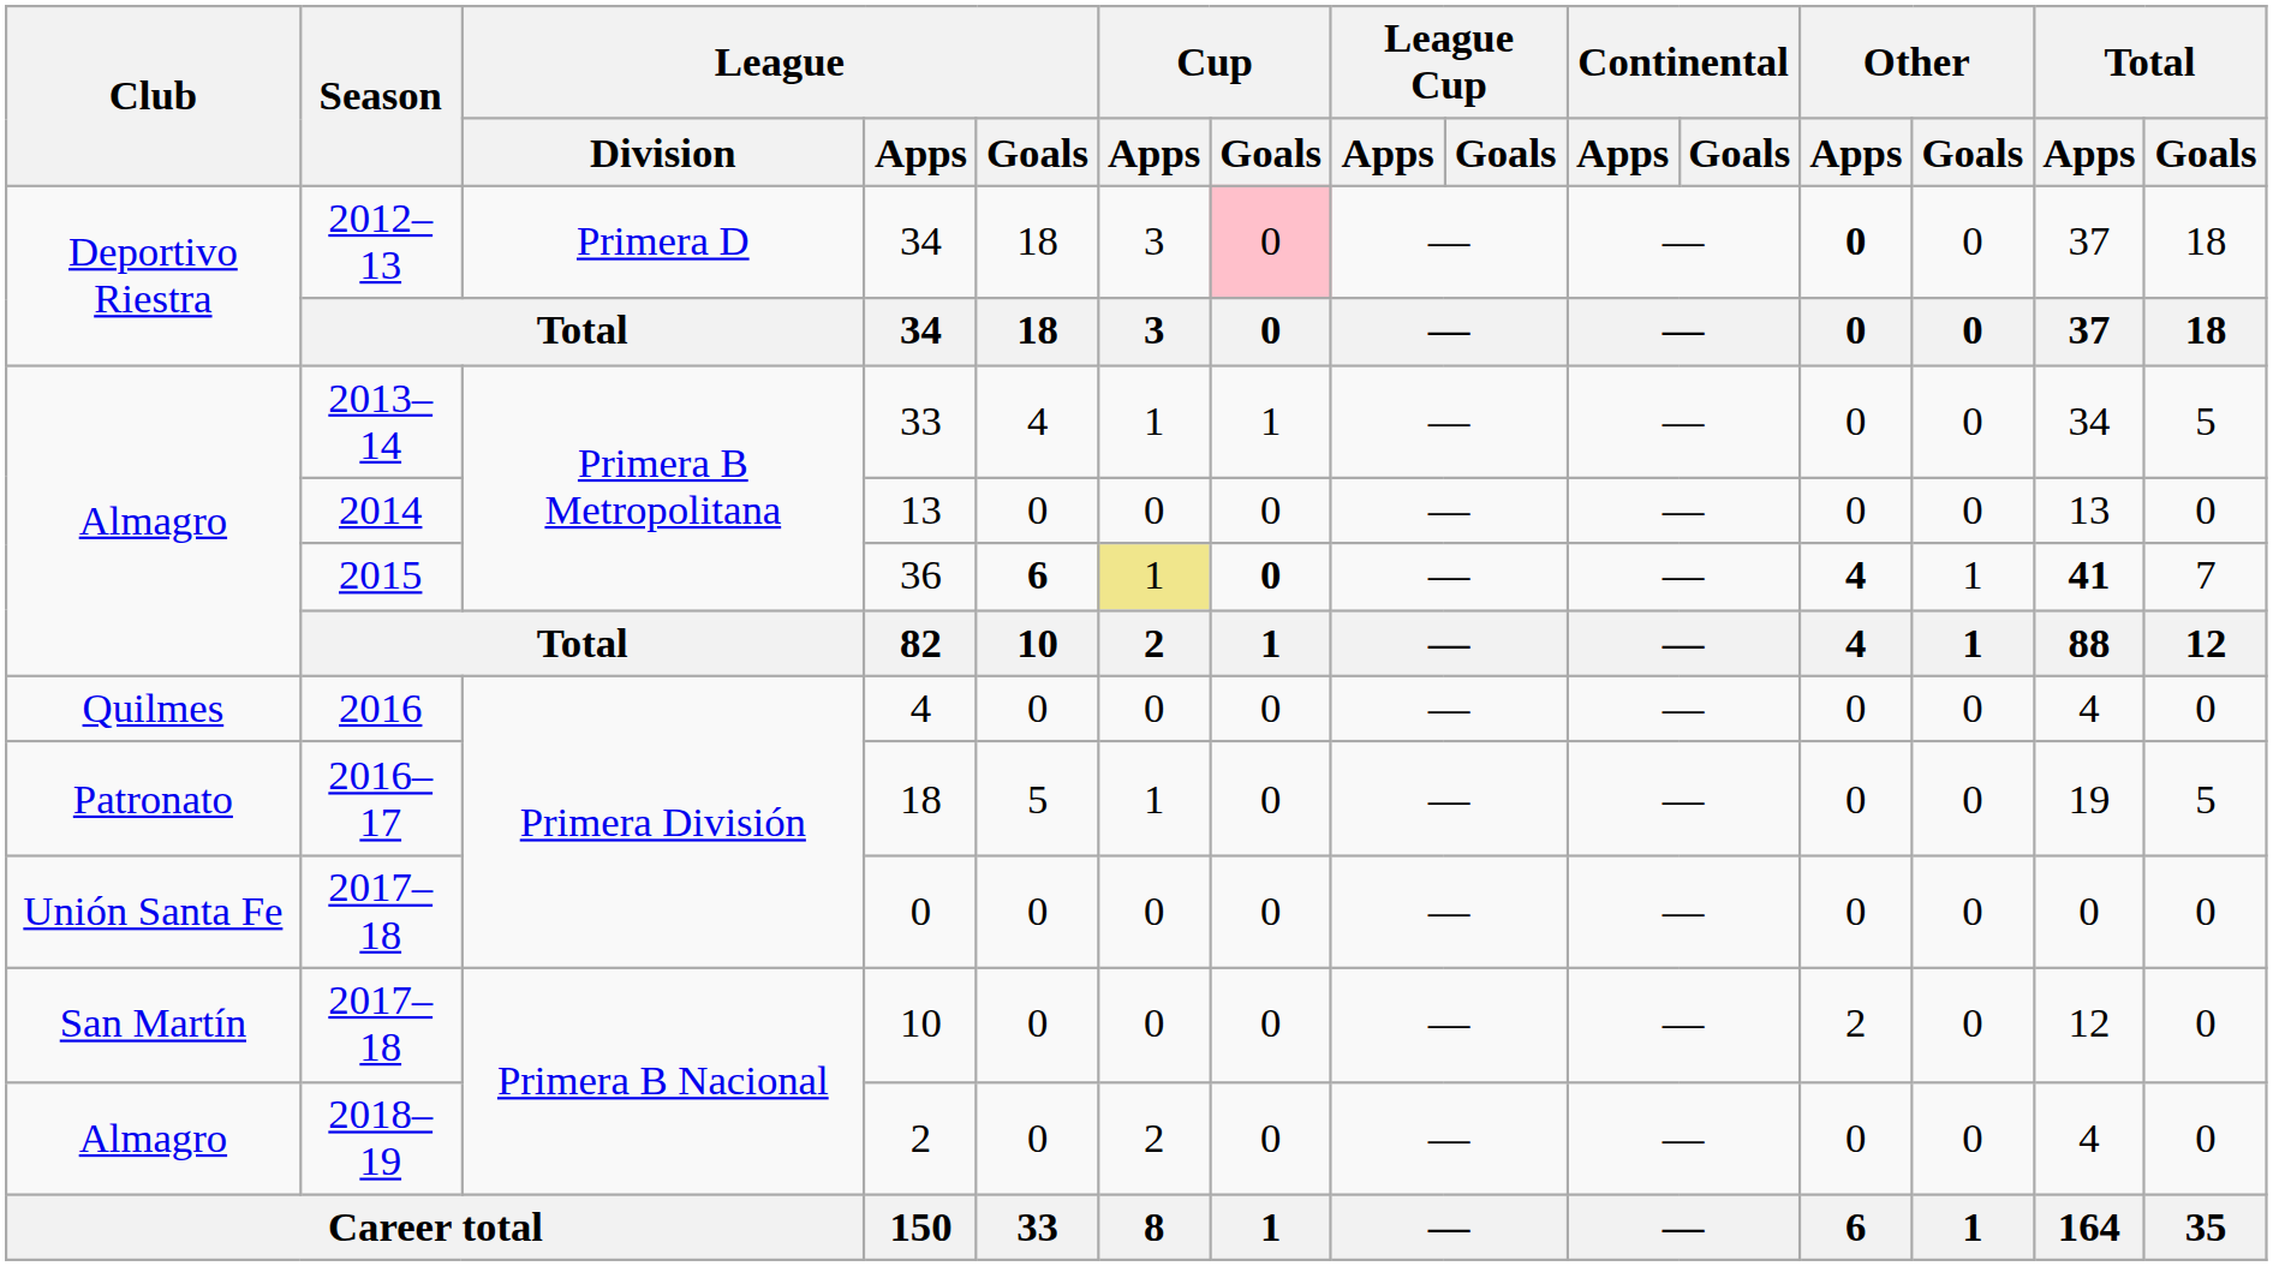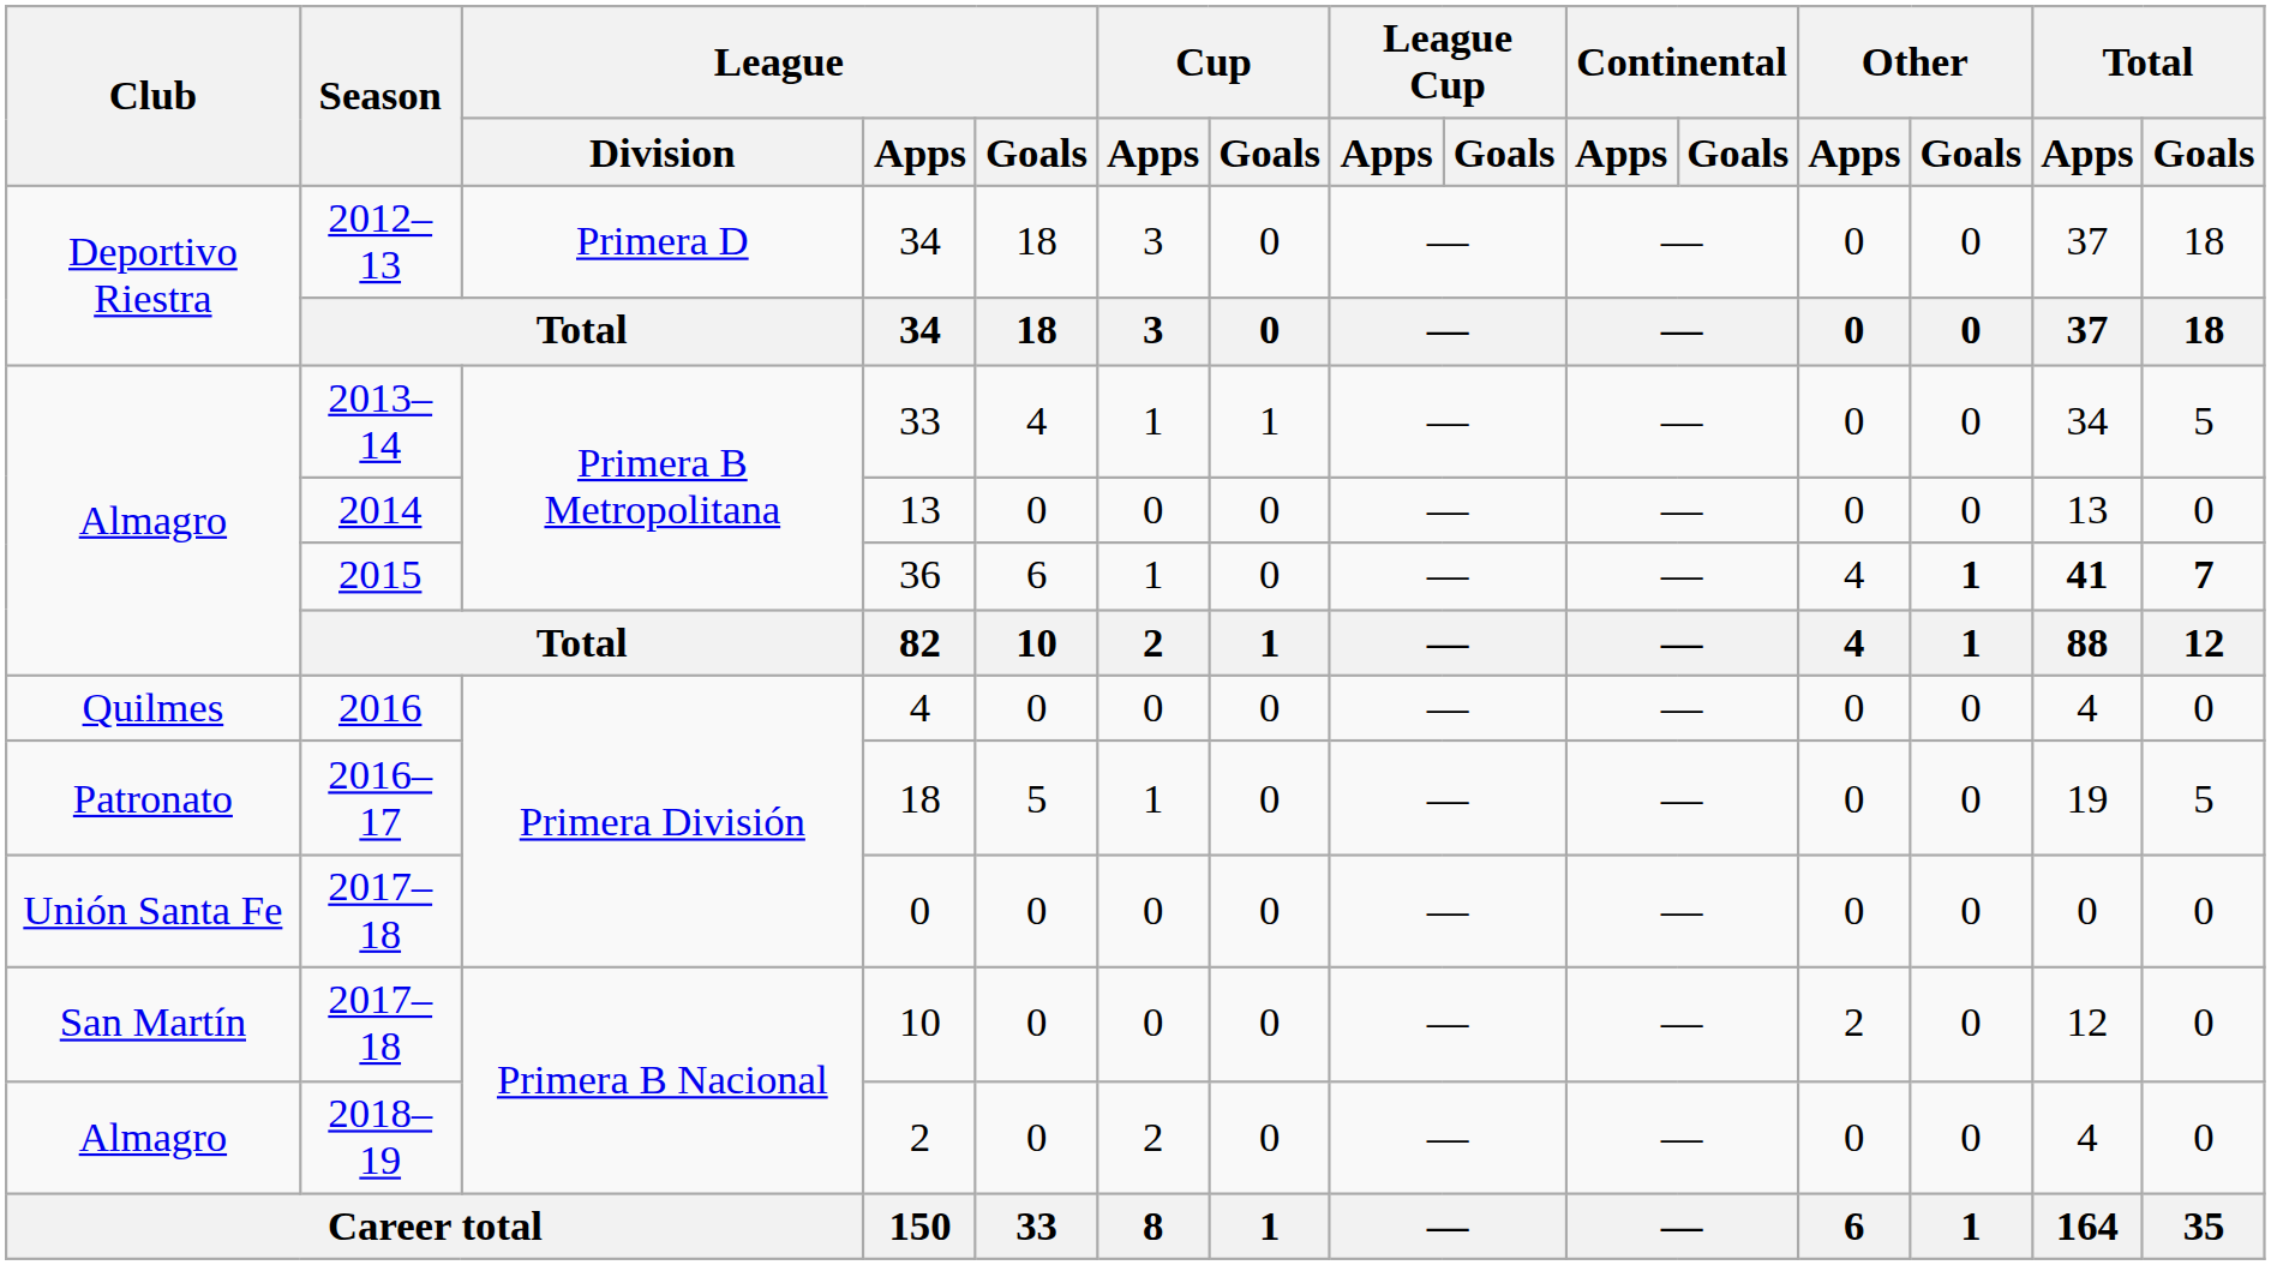 <table class="wikitable" style="text-align:center">
 <tr>
 <th rowspan="2">Club</th>
 <th rowspan="2">Season</th>
 <th colspan="3">League</th>
 <th colspan="2">Cup</th>
 <th colspan="2">League Cup</th>
 <th colspan="2">Continental</th>
 <th colspan="2">Other</th>
 <th colspan="2">Total</th>
 </tr>
 <tr>
 <th>Division</th>
 <th>Apps</th>
 <th>Goals</th>
 <th>Apps</th>
 <th>Goals</th>
 <th>Apps</th>
 <th>Goals</th>
 <th>Apps</th>
 <th>Goals</th>
 <th>Apps</th>
 <th>Goals</th>
 <th>Apps</th>
 <th>Goals</th>
 </tr>
 <tr>
 <td rowspan="2"><a href='#'>Deportivo Riestra</a></td>
 <td><a href='#'>2012–13</a></td>
 <td rowspan="1"><a href='#'>Primera D</a></td>
 <td>34</td>
 <td>18</td>
 <td>3</td>
-<td style="background: pink;">0</td>
+<td>0</td>
 <td colspan="2">—</td>
 <td colspan="2">—</td>
-<td><strong>0</strong></td>
+<td>0</td>
 <td>0</td>
 <td>37</td>
 <td>18</td>
 </tr>
 <tr>
 <th colspan="2">Total</th>
 <th>34</th>
 <th>18</th>
 <th>3</th>
 <th>0</th>
 <th colspan="2">—</th>
 <th colspan="2">—</th>
 <th>0</th>
 <th>0</th>
 <th>37</th>
 <th>18</th>
 </tr>
 <tr>
 <td rowspan="4"><a href='#'>Almagro</a></td>
 <td><a href='#'>2013–14</a></td>
 <td rowspan="3"><a href='#'>Primera B Metropolitana</a></td>
 <td>33</td>
 <td>4</td>
 <td>1</td>
 <td>1</td>
 <td colspan="2">—</td>
 <td colspan="2">—</td>
 <td>0</td>
 <td>0</td>
 <td>34</td>
 <td>5</td>
 </tr>
 <tr>
 <td><a href='#'>2014</a></td>
 <td>13</td>
 <td>0</td>
 <td>0</td>
 <td>0</td>
 <td colspan="2">—</td>
 <td colspan="2">—</td>
 <td>0</td>
 <td>0</td>
 <td>13</td>
 <td>0</td>
 </tr>
 <tr>
 <td><a href='#'>2015</a></td>
 <td>36</td>
-<td><strong>6</strong></td>
-<td style="background: khaki;">1</td>
-<td><strong>0</strong></td>
+<td>6</td>
+<td>1</td>
+<td>0</td>
 <td colspan="2">—</td>
 <td colspan="2">—</td>
-<td><strong>4</strong></td>
-<td>1</td>
+<td>4</td>
+<td><strong>1</strong></td>
 <td><strong>41</strong></td>
-<td>7</td>
+<td><strong>7</strong></td>
 </tr>
 <tr>
 <th colspan="2">Total</th>
 <th>82</th>
 <th>10</th>
 <th>2</th>
 <th>1</th>
 <th colspan="2">—</th>
 <th colspan="2">—</th>
 <th>4</th>
 <th>1</th>
 <th>88</th>
 <th>12</th>
 </tr>
 <tr>
 <td rowspan="1"><a href='#'>Quilmes</a></td>
 <td><a href='#'>2016</a></td>
 <td rowspan="3"><a href='#'>Primera División</a></td>
 <td>4</td>
 <td>0</td>
 <td>0</td>
 <td>0</td>
 <td colspan="2">—</td>
 <td colspan="2">—</td>
 <td>0</td>
 <td>0</td>
 <td>4</td>
 <td>0</td>
 </tr>
 <tr>
 <td rowspan="1"><a href='#'>Patronato</a></td>
 <td><a href='#'>2016–17</a></td>
 <td>18</td>
 <td>5</td>
 <td>1</td>
 <td>0</td>
 <td colspan="2">—</td>
 <td colspan="2">—</td>
 <td>0</td>
 <td>0</td>
 <td>19</td>
 <td>5</td>
 </tr>
 <tr>
 <td rowspan="1"><a href='#'>Unión Santa Fe</a></td>
 <td><a href='#'>2017–18</a></td>
 <td>0</td>
 <td>0</td>
 <td>0</td>
 <td>0</td>
 <td colspan="2">—</td>
 <td colspan="2">—</td>
 <td>0</td>
 <td>0</td>
 <td>0</td>
 <td>0</td>
 </tr>
 <tr>
 <td rowspan="1"><a href='#'>San Martín</a></td>
 <td><a href='#'>2017–18</a></td>
 <td rowspan="2"><a href='#'>Primera B Nacional</a></td>
 <td>10</td>
 <td>0</td>
 <td>0</td>
 <td>0</td>
 <td colspan="2">—</td>
 <td colspan="2">—</td>
 <td>2</td>
 <td>0</td>
 <td>12</td>
 <td>0</td>
 </tr>
 <tr>
 <td rowspan="1"><a href='#'>Almagro</a></td>
 <td><a href='#'>2018–19</a></td>
 <td>2</td>
 <td>0</td>
 <td>2</td>
 <td>0</td>
 <td colspan="2">—</td>
 <td colspan="2">—</td>
 <td>0</td>
 <td>0</td>
 <td>4</td>
 <td>0</td>
 </tr>
 <tr>
 <th colspan="3">Career total</th>
 <th>150</th>
 <th>33</th>
 <th>8</th>
 <th>1</th>
 <th colspan="2">—</th>
 <th colspan="2">—</th>
 <th>6</th>
 <th>1</th>
 <th>164</th>
 <th>35</th>
 </tr>
 </table>
